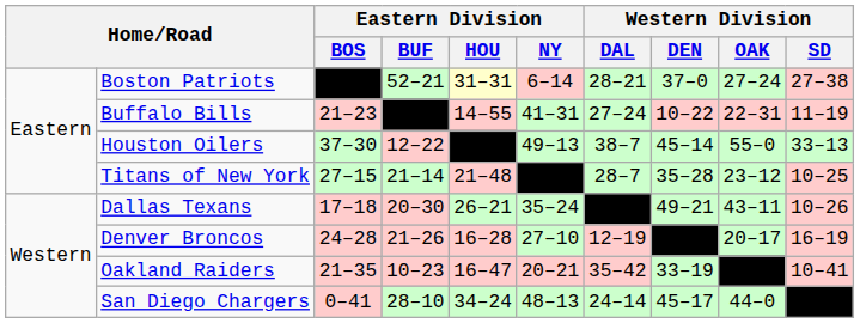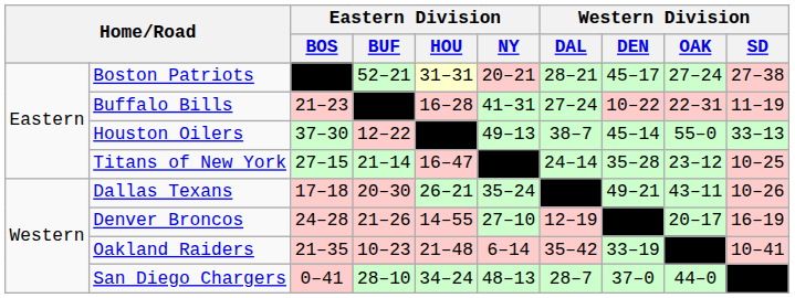 <table class="wikitable" style="font-size:95%; text-align:center">
 <tr>
 <th colspan="2" rowspan=2>Home/Road</th>
 <th colspan="4">Eastern Division</th>
 <th colspan="4">Western Division</th>
 </tr>
 <tr>
 <th><a href='#'>BOS</a></th>
 <th><a href='#'>BUF</a></th>
 <th><a href='#'>HOU</a></th>
 <th><a href='#'>NY</a></th>
 <th><a href='#'>DAL</a></th>
 <th><a href='#'>DEN</a></th>
 <th><a href='#'>OAK</a></th>
 <th><a href='#'>SD</a></th>
 </tr>
 <tr>
 <td rowspan="4">Eastern</td>
 <td align="left"><a href='#'>Boston Patriots</a></td>
 <td style="background:#000"></td>
 <td style="background:#cfc">52–21</td>
 <td style="background:#ffc">31–31</td>
-<td style="background:#fcc">6–14</td>
+<td style="background:#fcc">20–21</td>
 <td style="background:#cfc">28–21</td>
-<td style="background:#cfc">37–0</td>
+<td style="background:#cfc">45–17</td>
 <td style="background:#cfc">27–24</td>
 <td style="background:#fcc">27–38</td>
 </tr>
 <tr>
 <td align="left"><a href='#'>Buffalo Bills</a></td>
 <td style="background:#fcc">21–23</td>
 <td style="background:#000"></td>
-<td style="background:#fcc">14–55</td>
+<td style="background:#fcc">16–28</td>
 <td style="background:#cfc">41–31</td>
 <td style="background:#cfc">27–24</td>
 <td style="background:#fcc">10–22</td>
 <td style="background:#fcc">22–31</td>
 <td style="background:#fcc">11–19</td>
 </tr>
 <tr>
 <td align="left"><a href='#'>Houston Oilers</a></td>
 <td style="background:#cfc">37–30</td>
 <td style="background:#fcc">12–22</td>
 <td style="background:#000"></td>
 <td style="background:#cfc">49–13</td>
 <td style="background:#cfc">38–7</td>
 <td style="background:#cfc">45–14</td>
 <td style="background:#cfc">55–0</td>
 <td style="background:#cfc">33–13</td>
 </tr>
 <tr>
 <td align="left"><a href='#'>Titans of New York</a></td>
 <td style="background:#cfc">27–15</td>
 <td style="background:#cfc">21–14</td>
-<td style="background:#fcc">21–48</td>
+<td style="background:#fcc">16–47</td>
 <td style="background:#000"></td>
-<td style="background:#cfc">28–7</td>
+<td style="background:#cfc">24–14</td>
 <td style="background:#cfc">35–28</td>
 <td style="background:#cfc">23–12</td>
 <td style="background:#fcc">10–25</td>
 </tr>
 <tr>
 <td rowspan="4">Western</td>
 <td align="left"><a href='#'>Dallas Texans</a></td>
 <td style="background:#fcc">17–18</td>
 <td style="background:#fcc">20–30</td>
 <td style="background:#cfc">26–21</td>
 <td style="background:#cfc">35–24</td>
 <td style="background:#000"></td>
 <td style="background:#cfc">49–21</td>
 <td style="background:#cfc">43–11</td>
 <td style="background:#fcc">10–26</td>
 </tr>
 <tr>
 <td align="left"><a href='#'>Denver Broncos</a></td>
 <td style="background:#fcc">24–28</td>
 <td style="background:#fcc">21–26</td>
-<td style="background:#fcc">16–28</td>
+<td style="background:#fcc">14–55</td>
 <td style="background:#cfc">27–10</td>
 <td style="background:#fcc">12–19</td>
 <td style="background:#000"></td>
 <td style="background:#cfc">20–17</td>
 <td style="background:#fcc">16–19</td>
 </tr>
 <tr>
 <td align="left"><a href='#'>Oakland Raiders</a></td>
 <td style="background:#fcc">21–35</td>
 <td style="background:#fcc">10–23</td>
-<td style="background:#fcc">16–47</td>
-<td style="background:#fcc">20–21</td>
+<td style="background:#fcc">21–48</td>
+<td style="background:#fcc">6–14</td>
 <td style="background:#fcc">35–42</td>
 <td style="background:#cfc">33–19</td>
 <td style="background:#000"></td>
 <td style="background:#fcc">10–41</td>
 </tr>
 <tr>
 <td align="left"><a href='#'>San Diego Chargers</a></td>
 <td style="background:#fcc">0–41</td>
 <td style="background:#cfc">28–10</td>
 <td style="background:#cfc">34–24</td>
 <td style="background:#cfc">48–13</td>
-<td style="background:#cfc">24–14</td>
-<td style="background:#cfc">45–17</td>
+<td style="background:#cfc">28–7</td>
+<td style="background:#cfc">37–0</td>
 <td style="background:#cfc">44–0</td>
 <td style="background:#000"></td>
 </tr>
 </table>
